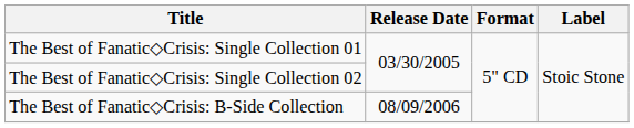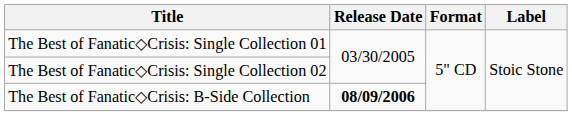 <table class="wikitable">
 <tr>
 <th>Title</th>
 <th>Release Date</th>
 <th>Format</th>
 <th>Label</th>
 </tr>
 <tr>
 <td>The Best of Fanatic◇Crisis: Single Collection 01</td>
 <td rowspan="2" style="text-align:center">03/30/2005</td>
 <td rowspan="3" style="text-align:center">5" CD</td>
 <td rowspan="3" style="text-align:center">Stoic Stone</td>
 </tr>
 <tr>
 <td>The Best of Fanatic◇Crisis: Single Collection 02</td>
 </tr>
 <tr>
 <td>The Best of Fanatic◇Crisis: B-Side Collection</td>
-<td style="text-align:center">08/09/2006</td>
+<td style="text-align:center"><strong>08/09/2006</strong></td>
 </tr>
 <tr>
 </tr>
 </table>
